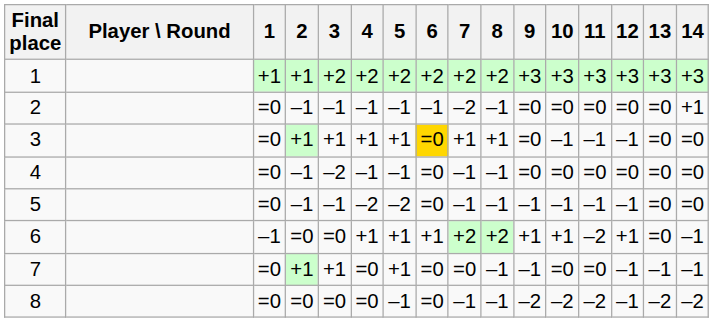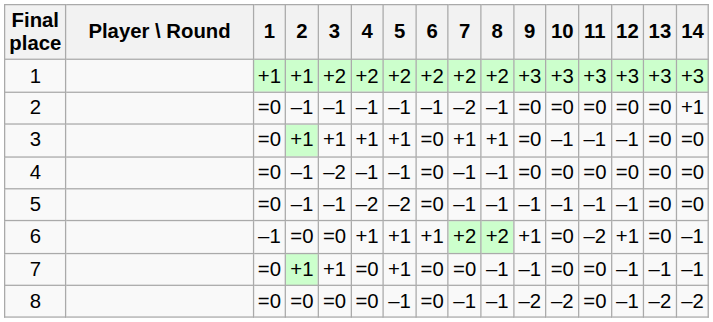 <table class="wikitable" style="font-size:100%; text-align:center; white-space: nowrap;">
 <tr>
 <th>Final<br>place</th>
 <th style="width:140px;">Player \ Round</th>
 <th>1</th>
 <th>2</th>
 <th>3</th>
 <th>4</th>
 <th>5</th>
 <th>6</th>
 <th>7</th>
 <th>8</th>
 <th>9</th>
 <th>10</th>
 <th>11</th>
 <th>12</th>
 <th>13</th>
 <th>14</th>
 </tr>
 <tr>
 <td>1</td>
 <td align=left></td>
 <td bgcolor=#ccffcc>+1</td>
 <td bgcolor=#ccffcc>+1</td>
 <td bgcolor=#ccffcc>+2</td>
 <td bgcolor=#ccffcc>+2</td>
 <td bgcolor=#ccffcc>+2</td>
 <td bgcolor=#ccffcc>+2</td>
 <td bgcolor=#ccffcc>+2</td>
 <td bgcolor=#ccffcc>+2</td>
 <td bgcolor=#ccffcc>+3</td>
 <td bgcolor=#ccffcc>+3</td>
 <td bgcolor=#ccffcc>+3</td>
 <td bgcolor=#ccffcc>+3</td>
 <td bgcolor=#ccffcc>+3</td>
 <td bgcolor=#ccffcc>+3</td>
 </tr>
 <tr>
 <td>2</td>
 <td align=left></td>
 <td>=0</td>
 <td>–1</td>
 <td>–1</td>
 <td>–1</td>
 <td>–1</td>
 <td>–1</td>
 <td>–2</td>
 <td>–1</td>
 <td>=0</td>
 <td>=0</td>
 <td>=0</td>
 <td>=0</td>
 <td>=0</td>
 <td>+1</td>
 </tr>
 <tr>
 <td>3</td>
 <td align=left></td>
 <td>=0</td>
 <td bgcolor=#ccffcc>+1</td>
 <td>+1</td>
 <td>+1</td>
 <td>+1</td>
-<td style="background: gold;">=0</td>
+<td>=0</td>
 <td>+1</td>
 <td>+1</td>
 <td>=0</td>
 <td>–1</td>
 <td>–1</td>
 <td>–1</td>
 <td>=0</td>
 <td>=0</td>
 </tr>
 <tr>
 <td>4</td>
 <td align=left></td>
 <td>=0</td>
 <td>–1</td>
 <td>–2</td>
 <td>–1</td>
 <td>–1</td>
 <td>=0</td>
 <td>–1</td>
 <td>–1</td>
 <td>=0</td>
 <td>=0</td>
 <td>=0</td>
 <td>=0</td>
 <td>=0</td>
 <td>=0</td>
 </tr>
 <tr>
 <td>5</td>
 <td align=left></td>
 <td>=0</td>
 <td>–1</td>
 <td>–1</td>
 <td>–2</td>
 <td>–2</td>
 <td>=0</td>
 <td>–1</td>
 <td>–1</td>
 <td>–1</td>
 <td>–1</td>
 <td>–1</td>
 <td>–1</td>
 <td>=0</td>
 <td>=0</td>
 </tr>
 <tr>
 <td>6</td>
 <td align=left></td>
 <td>–1</td>
 <td>=0</td>
 <td>=0</td>
 <td>+1</td>
 <td>+1</td>
 <td>+1</td>
 <td bgcolor=#ccffcc>+2</td>
 <td bgcolor=#ccffcc>+2</td>
 <td>+1</td>
-<td>+1</td>
+<td>=0</td>
 <td>–2</td>
 <td>+1</td>
 <td>=0</td>
 <td>–1</td>
 </tr>
 <tr>
 <td>7</td>
 <td align=left></td>
 <td>=0</td>
 <td bgcolor=#ccffcc>+1</td>
 <td>+1</td>
 <td>=0</td>
 <td>+1</td>
 <td>=0</td>
 <td>=0</td>
 <td>–1</td>
 <td>–1</td>
 <td>=0</td>
 <td>=0</td>
 <td>–1</td>
 <td>–1</td>
 <td>–1</td>
 </tr>
 <tr>
 <td>8</td>
 <td align=left></td>
 <td>=0</td>
 <td>=0</td>
 <td>=0</td>
 <td>=0</td>
 <td>–1</td>
 <td>=0</td>
 <td>–1</td>
 <td>–1</td>
 <td>–2</td>
 <td>–2</td>
-<td>–2</td>
+<td>=0</td>
 <td>–1</td>
 <td>–2</td>
 <td>–2</td>
 </tr>
 </table>
